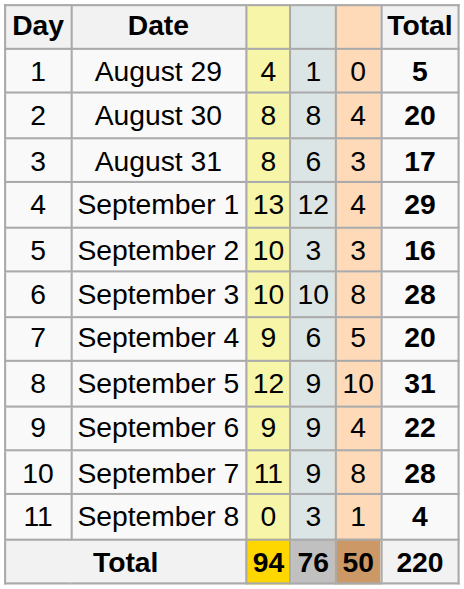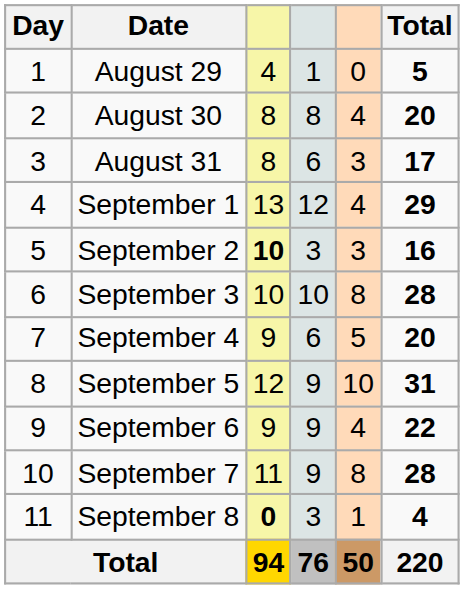 <table class=wikitable style=font-size:85%;float:right;text-align:center>
 <tr>
 <th>Day</th>
 <th>Date</th>
 <td bgcolor=F7F6A8></td>
 <td bgcolor=DCE5E5></td>
 <td bgcolor=FFDAB9></td>
 <th>Total</th>
 </tr>
 <tr>
 <td>1</td>
 <td>August 29</td>
 <td bgcolor=F7F6A8>4</td>
 <td bgcolor=DCE5E5>1</td>
 <td bgcolor=FFDAB9>0</td>
 <td><strong>5</strong></td>
 </tr>
 <tr>
 <td>2</td>
 <td>August 30</td>
 <td bgcolor=F7F6A8>8</td>
 <td bgcolor=DCE5E5>8</td>
 <td bgcolor=FFDAB9>4</td>
 <td><strong>20</strong></td>
 </tr>
 <tr>
 <td>3</td>
 <td>August 31</td>
 <td bgcolor=F7F6A8>8</td>
 <td bgcolor=DCE5E5>6</td>
 <td bgcolor=FFDAB9>3</td>
 <td><strong>17</strong></td>
 </tr>
 <tr>
 <td>4</td>
 <td>September 1</td>
 <td bgcolor=F7F6A8>13</td>
 <td bgcolor=DCE5E5>12</td>
 <td bgcolor=FFDAB9>4</td>
 <td><strong>29</strong></td>
 </tr>
 <tr>
 <td>5</td>
 <td>September 2</td>
-<td bgcolor=F7F6A8>10</td>
+<td bgcolor=F7F6A8><strong>10</strong></td>
 <td bgcolor=DCE5E5>3</td>
 <td bgcolor=FFDAB9>3</td>
 <td><strong>16</strong></td>
 </tr>
 <tr>
 <td>6</td>
 <td>September 3</td>
 <td bgcolor=F7F6A8>10</td>
 <td bgcolor=DCE5E5>10</td>
 <td bgcolor=FFDAB9>8</td>
 <td><strong>28</strong></td>
 </tr>
 <tr>
 <td>7</td>
 <td>September 4</td>
 <td bgcolor=F7F6A8>9</td>
 <td bgcolor=DCE5E5>6</td>
 <td bgcolor=FFDAB9>5</td>
 <td><strong>20</strong></td>
 </tr>
 <tr>
 <td>8</td>
 <td>September 5</td>
 <td bgcolor=F7F6A8>12</td>
 <td bgcolor=DCE5E5>9</td>
 <td bgcolor=FFDAB9>10</td>
 <td><strong>31</strong></td>
 </tr>
 <tr>
 <td>9</td>
 <td>September 6</td>
 <td bgcolor=F7F6A8>9</td>
 <td bgcolor=DCE5E5>9</td>
 <td bgcolor=FFDAB9>4</td>
 <td><strong>22</strong></td>
 </tr>
 <tr>
 <td>10</td>
 <td>September 7</td>
 <td bgcolor=F7F6A8>11</td>
 <td bgcolor=DCE5E5>9</td>
 <td bgcolor=FFDAB9>8</td>
 <td><strong>28</strong></td>
 </tr>
 <tr>
 <td>11</td>
 <td>September 8</td>
-<td bgcolor=F7F6A8>0</td>
+<td bgcolor=F7F6A8><strong>0</strong></td>
 <td bgcolor=DCE5E5>3</td>
 <td bgcolor=FFDAB9>1</td>
 <td><strong>4</strong></td>
 </tr>
 <tr>
 <th colspan=2>Total</th>
 <th style=background:gold>94</th>
 <th style=background:silver>76</th>
 <th style=background:#c96>50</th>
 <th>220</th>
 </tr>
 </table>
